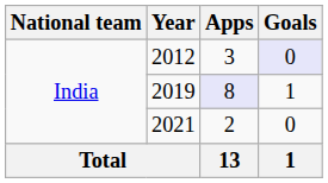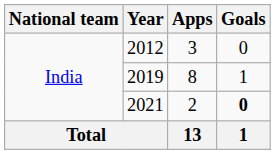 <table class="wikitable" style="text-align:center">
 <tr>
 <th>National team</th>
 <th>Year</th>
 <th>Apps</th>
 <th>Goals</th>
 </tr>
 <tr>
 <td rowspan="3"><a href='#'>India</a></td>
 <td>2012</td>
 <td>3</td>
-<td style="background: lavender;">0</td>
+<td>0</td>
 </tr>
 <tr>
 <td>2019</td>
-<td style="background: lavender;">8</td>
+<td>8</td>
 <td>1</td>
 </tr>
 <tr>
 <td>2021</td>
 <td>2</td>
-<td>0</td>
+<td><strong>0</strong></td>
 </tr>
 <tr>
 <th colspan="2">Total</th>
 <th>13</th>
 <th>1</th>
 </tr>
 </table>
